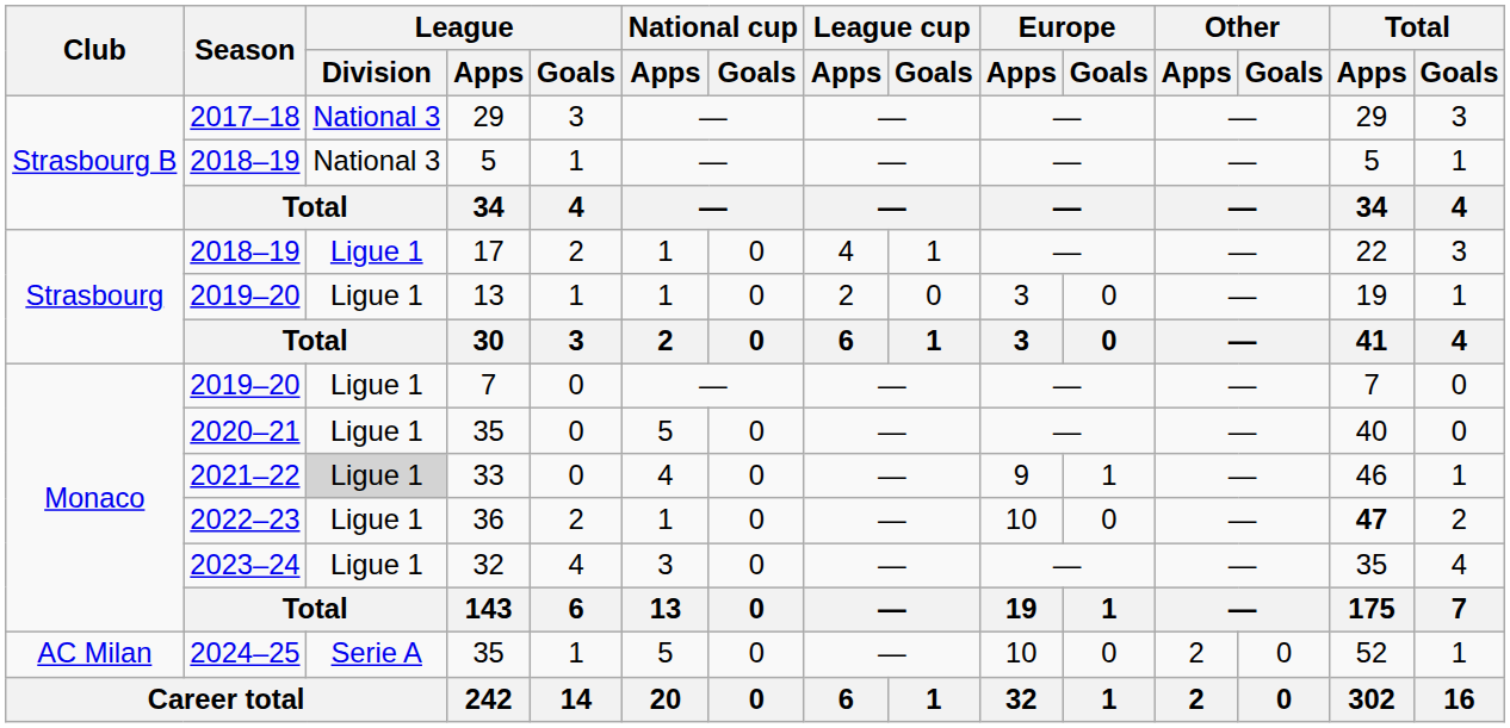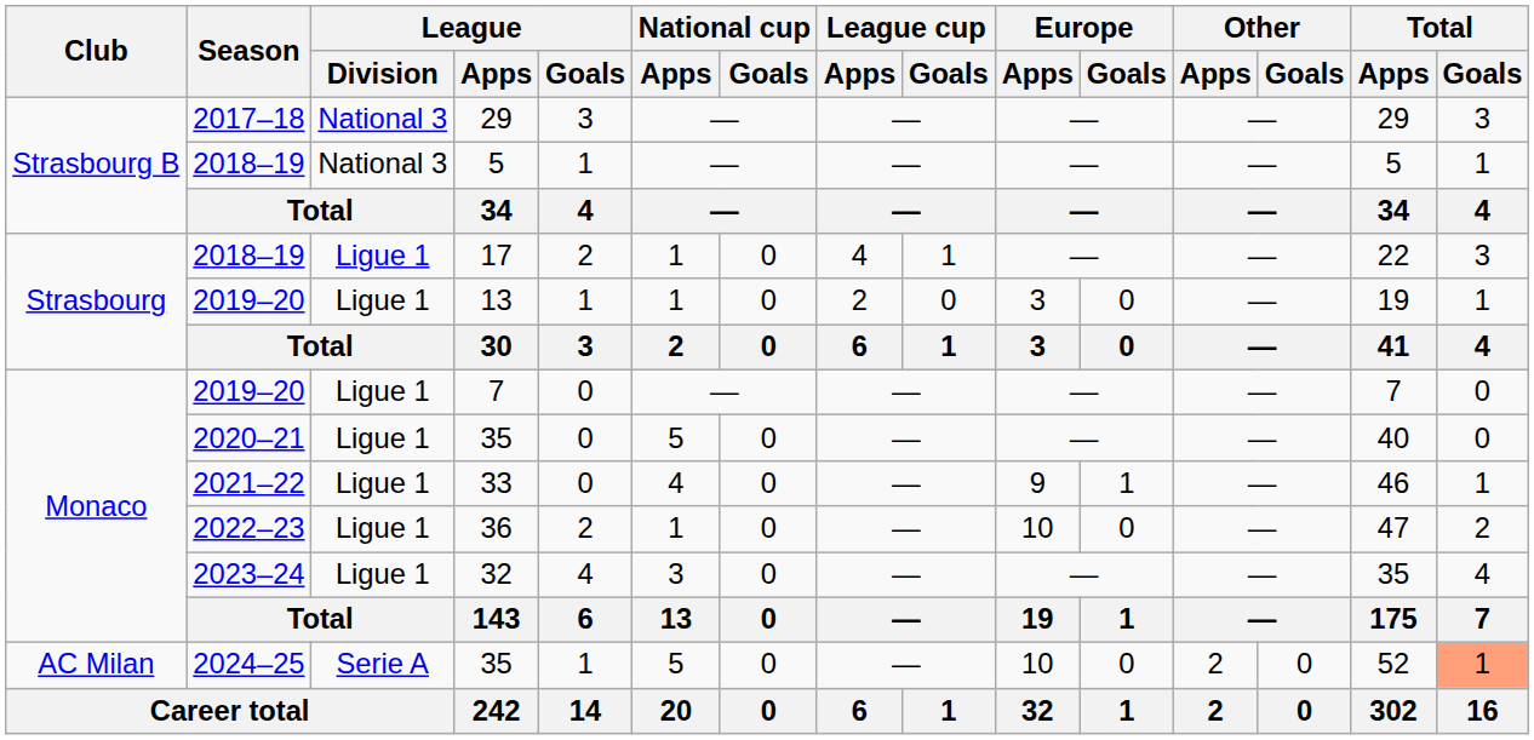 <table class="wikitable" style="text-align: center;">
 <tr>
 <th rowspan="2">Club</th>
 <th rowspan="2">Season</th>
 <th colspan="3">League</th>
 <th colspan="2">National cup</th>
 <th colspan="2">League cup</th>
 <th colspan="2">Europe</th>
 <th colspan="2">Other</th>
 <th colspan="2">Total</th>
 </tr>
 <tr>
 <th>Division</th>
 <th>Apps</th>
 <th>Goals</th>
 <th>Apps</th>
 <th>Goals</th>
 <th>Apps</th>
 <th>Goals</th>
 <th>Apps</th>
 <th>Goals</th>
 <th>Apps</th>
 <th>Goals</th>
 <th>Apps</th>
 <th>Goals</th>
 </tr>
 <tr>
 <td rowspan="3"><a href='#'>Strasbourg B</a></td>
 <td><a href='#'>2017–18</a></td>
 <td><a href='#'>National 3</a></td>
 <td>29</td>
 <td>3</td>
 <td colspan="2">—</td>
 <td colspan="2">—</td>
 <td colspan="2">—</td>
 <td colspan="2">—</td>
 <td>29</td>
 <td>3</td>
 </tr>
 <tr>
 <td><a href='#'>2018–19</a></td>
 <td>National 3</td>
 <td>5</td>
 <td>1</td>
 <td colspan="2">—</td>
 <td colspan="2">—</td>
 <td colspan="2">—</td>
 <td colspan="2">—</td>
 <td>5</td>
 <td>1</td>
 </tr>
 <tr>
 <th colspan="2">Total</th>
 <th>34</th>
 <th>4</th>
 <th colspan="2">—</th>
 <th colspan="2">—</th>
 <th colspan="2">—</th>
 <th colspan="2">—</th>
 <th>34</th>
 <th>4</th>
 </tr>
 <tr>
 <td rowspan="3"><a href='#'>Strasbourg</a></td>
 <td><a href='#'>2018–19</a></td>
 <td><a href='#'>Ligue 1</a></td>
 <td>17</td>
 <td>2</td>
 <td>1</td>
 <td>0</td>
 <td>4</td>
 <td>1</td>
 <td colspan="2">—</td>
 <td colspan="2">—</td>
 <td>22</td>
 <td>3</td>
 </tr>
 <tr>
 <td><a href='#'>2019–20</a></td>
 <td>Ligue 1</td>
 <td>13</td>
 <td>1</td>
 <td>1</td>
 <td>0</td>
 <td>2</td>
 <td>0</td>
 <td>3</td>
 <td>0</td>
 <td colspan="2">—</td>
 <td>19</td>
 <td>1</td>
 </tr>
 <tr>
 <th colspan="2">Total</th>
 <th>30</th>
 <th>3</th>
 <th>2</th>
 <th>0</th>
 <th>6</th>
 <th>1</th>
 <th>3</th>
 <th>0</th>
 <th colspan="2">—</th>
 <th>41</th>
 <th>4</th>
 </tr>
 <tr>
 <td rowspan="6"><a href='#'>Monaco</a></td>
 <td><a href='#'>2019–20</a></td>
 <td>Ligue 1</td>
 <td>7</td>
 <td>0</td>
 <td colspan="2">—</td>
 <td colspan="2">—</td>
 <td colspan="2">—</td>
 <td colspan="2">—</td>
 <td>7</td>
 <td>0</td>
 </tr>
 <tr>
 <td><a href='#'>2020–21</a></td>
 <td>Ligue 1</td>
 <td>35</td>
 <td>0</td>
 <td>5</td>
 <td>0</td>
 <td colspan="2">—</td>
 <td colspan="2">—</td>
 <td colspan="2">—</td>
 <td>40</td>
 <td>0</td>
 </tr>
 <tr>
 <td><a href='#'>2021–22</a></td>
-<td style="background: lightgrey;">Ligue 1</td>
+<td>Ligue 1</td>
 <td>33</td>
 <td>0</td>
 <td>4</td>
 <td>0</td>
 <td colspan="2">—</td>
 <td>9</td>
 <td>1</td>
 <td colspan="2">—</td>
 <td>46</td>
 <td>1</td>
 </tr>
 <tr>
 <td><a href='#'>2022–23</a></td>
 <td>Ligue 1</td>
 <td>36</td>
 <td>2</td>
 <td>1</td>
 <td>0</td>
 <td colspan="2">—</td>
 <td>10</td>
 <td>0</td>
 <td colspan="2">—</td>
-<td><strong>47</strong></td>
+<td>47</td>
 <td>2</td>
 </tr>
 <tr>
 <td><a href='#'>2023–24</a></td>
 <td>Ligue 1</td>
 <td>32</td>
 <td>4</td>
 <td>3</td>
 <td>0</td>
 <td colspan="2">—</td>
 <td colspan="2">—</td>
 <td colspan="2">—</td>
 <td>35</td>
 <td>4</td>
 </tr>
 <tr>
 <th colspan="2">Total</th>
 <th>143</th>
 <th>6</th>
 <th>13</th>
 <th>0</th>
 <th colspan="2">—</th>
 <th>19</th>
 <th>1</th>
 <th colspan="2">—</th>
 <th>175</th>
 <th>7</th>
 </tr>
 <tr>
 <td><a href='#'>AC Milan</a></td>
 <td><a href='#'>2024–25</a></td>
 <td><a href='#'>Serie A</a></td>
 <td>35</td>
 <td>1</td>
 <td>5</td>
 <td>0</td>
 <td colspan="2">—</td>
 <td>10</td>
 <td>0</td>
 <td>2</td>
 <td>0</td>
 <td>52</td>
-<td>1</td>
+<td style="background: lightsalmon;">1</td>
 </tr>
 <tr>
 <th colspan="3">Career total</th>
 <th>242</th>
 <th>14</th>
 <th>20</th>
 <th>0</th>
 <th>6</th>
 <th>1</th>
 <th>32</th>
 <th>1</th>
 <th>2</th>
 <th>0</th>
 <th>302</th>
 <th>16</th>
 </tr>
 </table>
